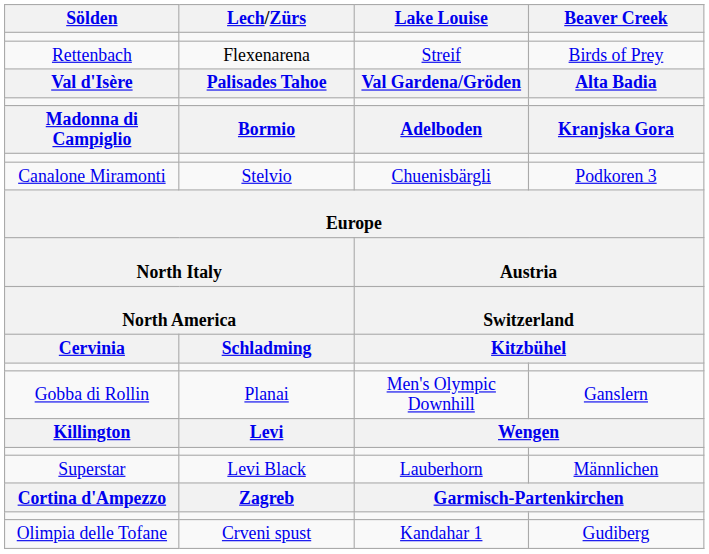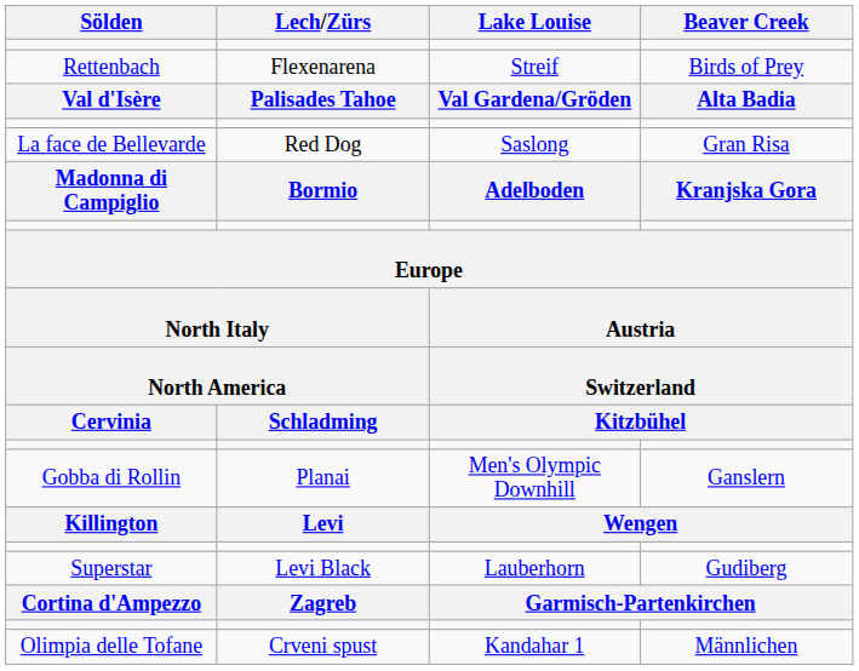 <table class="wikitable" style="text-align:center">
 <tr>
 <th width=150> <a href='#'>Sölden</a></th>
 <th width=150> <a href='#'>Lech</a>/<a href='#'>Zürs</a></th>
 <th width=150> <a href='#'>Lake Louise</a></th>
 <th width=150> <a href='#'>Beaver Creek</a></th>
 </tr>
 <tr>
 <td></td>
 <td></td>
 <td></td>
 <td></td>
 </tr>
 <tr>
 <td><a href='#'>Rettenbach</a></td>
 <td>Flexenarena</td>
 <td><a href='#'>Streif</a></td>
 <td><a href='#'>Birds of Prey</a></td>
 </tr>
 <tr>
 <th width=150> <a href='#'>Val d'Isère</a></th>
 <th width=150> <a href='#'>Palisades Tahoe</a></th>
 <th width=150> <a href='#'>Val Gardena/Gröden</a></th>
 <th width=150> <a href='#'>Alta Badia</a></th>
 </tr>
 <tr>
 <td></td>
 <td></td>
 <td></td>
 <td></td>
 </tr>
 <tr>
+<td><a href='#'>La face de Bellevarde</a></td>
+<td>Red Dog</td>
+<td><a href='#'>Saslong</a></td>
+<td><a href='#'>Gran Risa</a></td>
+</tr>
+<tr>
 <th width=150> <a href='#'>Madonna di Campiglio</a></th>
 <th width=150> <a href='#'>Bormio</a></th>
 <th width=150> <a href='#'>Adelboden</a></th>
 <th width=150> <a href='#'>Kranjska Gora</a></th>
 </tr>
 <tr>
 <td></td>
 <td></td>
 <td></td>
 <td></td>
-</tr>
-<tr>
-<td><a href='#'>Canalone Miramonti</a></td>
-<td><a href='#'>Stelvio</a></td>
-<td><a href='#'>Chuenisbärgli</a></td>
-<td><a href='#'>Podkoren 3</a></td>
 </tr>
 <tr>
 <th colspan="4"><br>Europe </th>
 </tr>
 <tr>
 <th colspan="2"><br>North Italy </th>
 <th colspan="2"><br>Austria </th>
 </tr>
 <tr>
 <th colspan="2"><br>North America </th>
 <th colspan="2"><br>Switzerland </th>
 </tr>
 <tr>
 <th width=150> <a href='#'>Cervinia</a></th>
 <th width=150> <a href='#'>Schladming</a></th>
 <th width=300 colspan=2> <a href='#'>Kitzbühel</a></th>
 </tr>
 <tr>
 <td></td>
 <td></td>
 <td></td>
 <td></td>
 </tr>
 <tr>
 <td><a href='#'>Gobba di Rollin</a></td>
 <td><a href='#'>Planai</a></td>
 <td><a href='#'>Men's Olympic Downhill</a></td>
 <td><a href='#'>Ganslern</a></td>
 </tr>
 <tr>
 <th width=150> <a href='#'>Killington</a></th>
 <th width=150> <a href='#'>Levi</a></th>
 <th width=300 colspan=2> <a href='#'>Wengen</a></th>
 </tr>
 <tr>
 <td></td>
 <td></td>
 <td></td>
 <td></td>
 </tr>
 <tr>
 <td><a href='#'>Superstar</a></td>
 <td><a href='#'>Levi Black</a></td>
 <td><a href='#'>Lauberhorn</a></td>
-<td><a href='#'>Männlichen</a></td>
+<td><a href='#'>Gudiberg</a></td>
 </tr>
 <tr>
 <th width=150> <a href='#'>Cortina d'Ampezzo</a></th>
 <th width=150> <a href='#'>Zagreb</a></th>
 <th width=300 colspan=2> <a href='#'>Garmisch-Partenkirchen</a></th>
 </tr>
 <tr>
 <td></td>
 <td></td>
 <td></td>
 <td></td>
 </tr>
 <tr>
 <td><a href='#'>Olimpia delle Tofane</a></td>
 <td><a href='#'>Crveni spust</a></td>
 <td><a href='#'>Kandahar 1</a></td>
-<td><a href='#'>Gudiberg</a></td>
+<td><a href='#'>Männlichen</a></td>
 </tr>
 </table>
